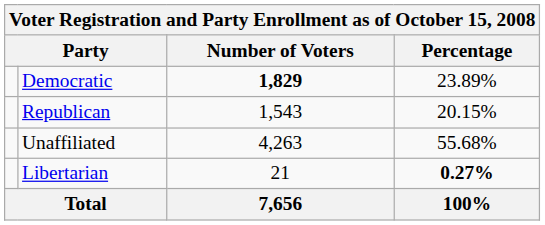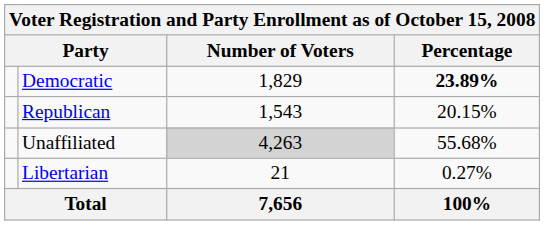 <table class=wikitable>
 <tr>
 <th colspan = 6>Voter Registration and Party Enrollment as of October 15, 2008</th>
 </tr>
 <tr>
 <th colspan = 2>Party</th>
 <th>Number of Voters</th>
 <th>Percentage</th>
 </tr>
 <tr>
 <td></td>
 <td><a href='#'>Democratic</a></td>
-<td align = center><strong>1,829</strong></td>
-<td align = center>23.89%</td>
+<td align = center>1,829</td>
+<td align = center><strong>23.89%</strong></td>
 </tr>
 <tr>
 <td></td>
 <td><a href='#'>Republican</a></td>
 <td align = center>1,543</td>
 <td align = center>20.15%</td>
 </tr>
 <tr>
 <td></td>
 <td>Unaffiliated</td>
-<td align = center>4,263</td>
+<td align = center style="background: lightgrey;">4,263</td>
 <td align = center>55.68%</td>
 </tr>
 <tr>
 <td></td>
 <td><a href='#'>Libertarian</a></td>
 <td align = center>21</td>
-<td align = center><strong>0.27%</strong></td>
+<td align = center>0.27%</td>
 </tr>
 <tr>
 <th colspan = 2>Total</th>
 <th align = center>7,656</th>
 <th align = center>100%</th>
 </tr>
 </table>
